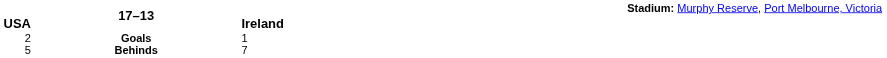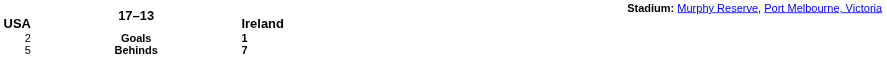 <table style="width: 100%; background: transparent;" cellspacing="0">
 <tr>
 <td align=center valign=top rowspan=3 width=15%></td>
 </tr>
 <tr>
 <td width=24% align=right><br><strong>USA</strong></td>
 <td align=center width=13%><strong>17–13</strong></td>
 <td width=24%><br><strong>Ireland</strong></td>
 <td style=font-size:85% rowspan=2 valign=top><strong>Stadium:</strong> <a href='#'>Murphy Reserve</a>, <a href='#'>Port Melbourne, Victoria</a></td>
 </tr>
 <tr style=font-size:85%>
 <td align=right valign=top>2<br> 5</td>
 <td align=center valign=top><strong>Goals <br>Behinds</strong></td>
-<td valign=top>1<br> 7</td>
+<td valign=top><strong>1<br> 7</strong></td>
 </tr>
 </table>
